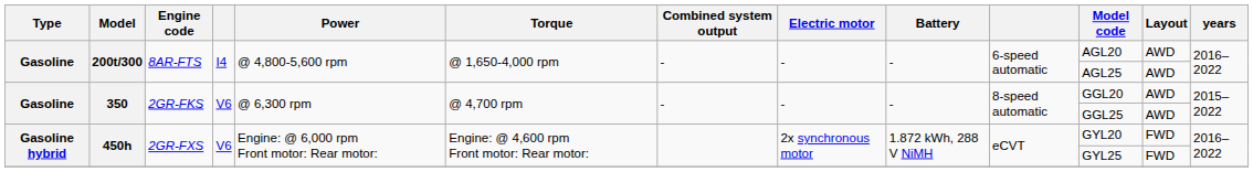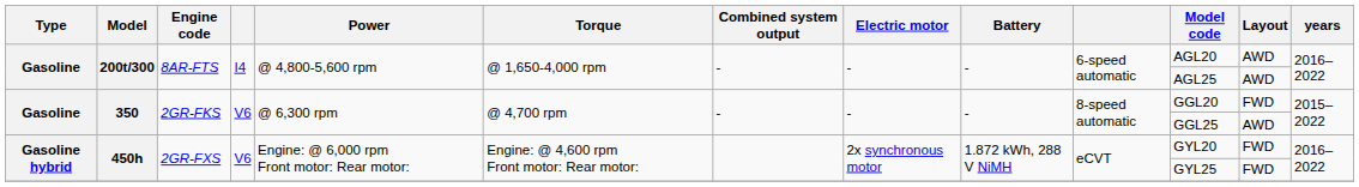 <table class="wikitable" style="text-align:left; font-size:80%;">
 <tr>
 <th>Type</th>
 <th>Model</th>
 <th>Engine code</th>
 <th></th>
 <th width="17%">Power</th>
 <th width="17%">Torque</th>
 <th>Combined system output</th>
 <th><a href='#'>Electric motor</a></th>
 <th>Battery</th>
 <th></th>
 <th><a href='#'>Model code</a></th>
 <th>Layout</th>
 <th> years</th>
 </tr>
 <tr>
 <th rowspan="2">Gasoline</th>
 <th rowspan="2">200t/300</th>
 <td rowspan="2"><em><a href='#'>8AR-FTS</a></em></td>
 <td rowspan="2"> <a href='#'>I4</a></td>
 <td rowspan="2"> @ 4,800-5,600 rpm</td>
 <td rowspan="2"> @ 1,650-4,000 rpm</td>
 <td rowspan="2">-</td>
 <td rowspan="2">-</td>
 <td rowspan="2">-</td>
 <td rowspan="2">6-speed automatic</td>
 <td>AGL20</td>
 <td>AWD</td>
 <td rowspan="2">2016–2022</td>
 </tr>
 <tr>
 <td>AGL25</td>
 <td>AWD</td>
 </tr>
 <tr>
 <th rowspan="2">Gasoline</th>
 <th rowspan="2">350</th>
 <td rowspan="2"><em><a href='#'>2GR-FKS</a></em></td>
 <td rowspan="2"> <a href='#'>V6</a></td>
 <td rowspan="2"> @ 6,300 rpm</td>
 <td rowspan="2"> @ 4,700 rpm</td>
 <td rowspan="2">-</td>
 <td rowspan="2">-</td>
 <td rowspan="2">-</td>
 <td rowspan="2">8-speed automatic</td>
 <td>GGL20</td>
-<td>AWD</td>
+<td>FWD</td>
 <td rowspan="2">2015–2022</td>
 </tr>
 <tr>
 <td>GGL25</td>
 <td>AWD</td>
 </tr>
 <tr>
 <th rowspan="2">Gasoline <a href='#'>hybrid</a></th>
 <th rowspan="2">450h</th>
 <td rowspan="2"><em><a href='#'>2GR-FXS</a></em></td>
 <td rowspan="2"> <a href='#'>V6</a></td>
 <td rowspan="2">Engine:  @ 6,000 rpm<br>Front motor: Rear motor: </td>
 <td rowspan="2">Engine:  @ 4,600 rpm<br>Front motor: Rear motor: </td>
 <td rowspan="2"></td>
 <td rowspan="2">2x <a href='#'>synchronous motor</a></td>
 <td rowspan="2">1.872 kWh, 288 V <a href='#'>NiMH</a></td>
 <td rowspan="2">eCVT</td>
 <td>GYL20</td>
 <td>FWD</td>
 <td rowspan="2">2016–2022</td>
 </tr>
 <tr>
 <td>GYL25</td>
 <td>FWD</td>
 </tr>
 <tr>
 </tr>
 </table>
